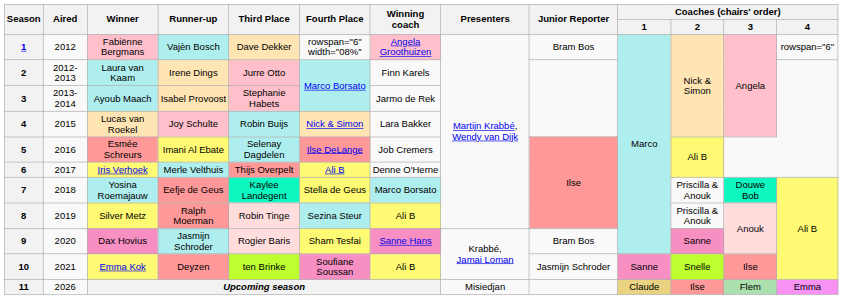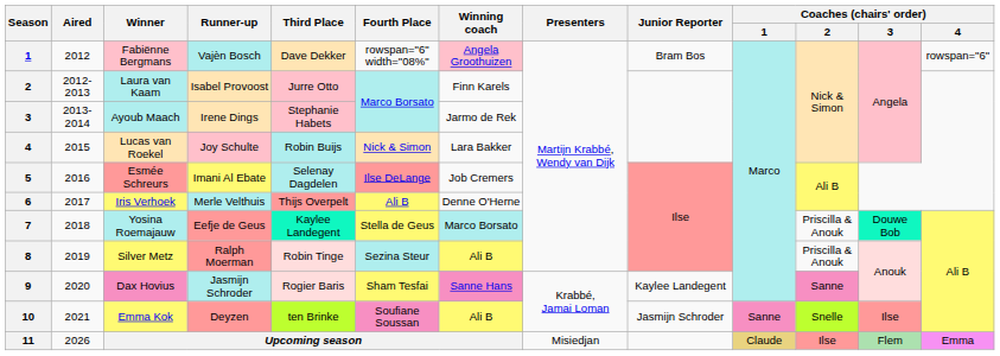 <table class="wikitable" style="text-align:center; font-size:90%; line-height:16px; width:100%">
 <tr>
 <th width="01%" rowspan="2" scope="col">Season</th>
 <th width="05%" rowspan="2" scope="col">Aired</th>
 <th width="08%" rowspan="2" scope="col">Winner</th>
 <th width="08%" rowspan="2" scope="col">Runner-up</th>
 <th width="08%" rowspan="2" scope="col">Third Place</th>
 <th width="08%" rowspan="2" scope="col">Fourth Place</th>
 <th width="08%" rowspan="2" scope="col">Winning coach</th>
 <th width="10%" rowspan="2" scope="col">Presenters</th>
 <th width="10%" rowspan="2" scope="col">Junior Reporter</th>
 <th width="30%" scope="row" colspan="4">Coaches (chairs' order)</th>
 </tr>
 <tr>
 <th width="06%">1</th>
 <th width="06%">2</th>
 <th width="06%">3</th>
 <th width="06%">4</th>
 </tr>
 <tr>
 <th><a href='#'>1</a></th>
 <td>2012</td>
 <td bgcolor="pink">Fabiënne Bergmans</td>
 <td bgcolor="#afeeee" width="08%">Vajèn Bosch</td>
 <td bgcolor="#FFE5B4" width="08%">Dave Dekker</td>
 <td>rowspan="6" width="08%" </td>
 <td bgcolor="pink"><a href='#'>Angela Groothuizen</a></td>
 <td rowspan="8" width="06%"><a href='#'>Martijn Krabbé</a>,<br><a href='#'>Wendy van Dijk</a></td>
 <td>Bram Bos</td>
 <td bgcolor="#afeeee" rowspan="9">Marco</td>
 <td bgcolor="#ffe5b4" rowspan="4">Nick & Simon</td>
 <td bgcolor="pink" rowspan="4">Angela</td>
 <td>rowspan="6" </td>
 </tr>
 <tr>
 <th>2</th>
 <td>2012-2013</td>
 <td bgcolor="#afeeee">Laura van Kaam</td>
-<td bgcolor="#FFE5B4">Irene Dings</td>
+<td bgcolor="#FFE5B4">Isabel Provoost</td>
 <td bgcolor="pink">Jurre Otto</td>
 <td bgcolor="#afeeee" rowspan="2"><a href='#'>Marco Borsato</a></td>
 <td>Finn Karels</td>
 </tr>
 <tr>
 <th>3</th>
 <td>2013-2014</td>
 <td bgcolor="#afeeee">Ayoub Maach</td>
-<td bgcolor="#FFE5B4">Isabel Provoost</td>
+<td bgcolor="#FFE5B4">Irene Dings</td>
 <td bgcolor="pink">Stephanie Habets</td>
 <td>Jarmo de Rek</td>
 </tr>
 <tr>
 <th>4</th>
 <td>2015</td>
 <td bgcolor="#FFE5B4">Lucas van Roekel</td>
 <td bgcolor="pink">Joy Schulte</td>
 <td bgcolor="#afeeee">Robin Buijs</td>
 <td bgcolor="#FFE5B4"><a href='#'>Nick & Simon</a></td>
 <td>Lara Bakker</td>
 </tr>
 <tr>
 <th>5</th>
 <td>2016</td>
 <td bgcolor="#ff9999">Esmée Schreurs</td>
 <td bgcolor="#fffa73">Imani Al Ebate</td>
 <td bgcolor="#afeeee">Selenay Dagdelen</td>
 <td bgcolor="#ff9999"><a href='#'>Ilse DeLange</a></td>
 <td>Job Cremers</td>
 <td bgcolor="#ff9999" rowspan="4">Ilse</td>
 <td bgcolor="#fffa73" rowspan="2">Ali B</td>
 </tr>
 <tr>
 <th>6</th>
 <td>2017</td>
 <td bgcolor="#fffa73"><a href='#'>Iris Verhoek</a></td>
 <td bgcolor="#afeeee">Merle Velthuis</td>
 <td bgcolor="#ff9999">Thijs Overpelt</td>
 <td rowspan="1" bgcolor="#fffa73"><a href='#'>Ali B</a></td>
 <td>Denne O'Herne</td>
 </tr>
 <tr>
 <th>7</th>
 <td>2018</td>
 <td bgcolor="#afeeee">Yosina Roemajauw</td>
 <td bgcolor="#ff9999">Eefje de Geus</td>
 <td bgcolor="#0ff7c0">Kaylee Landegent</td>
 <td bgcolor="#fffa73">Stella de Geus</td>
 <td bgcolor="#afeeee">Marco Borsato</td>
 <td>Priscilla & Anouk</td>
 <td bgcolor="#0ff7c0">Douwe Bob</td>
 <td rowspan="4" bgcolor="#fffa73">Ali B</td>
 </tr>
 <tr>
 <th>8</th>
 <td>2019</td>
 <td bgcolor="#fffa73">Silver Metz</td>
 <td bgcolor="#ff9999">Ralph Moerman</td>
 <td bgcolor="#ffdddd">Robin Tinge</td>
 <td bgcolor="#afeeee">Sezina Steur</td>
 <td bgcolor="#fffa73">Ali B</td>
 <td>Priscilla & Anouk</td>
 <td rowspan="2" bgcolor="#ffdddd">Anouk</td>
 </tr>
 <tr>
 <th>9</th>
 <td>2020</td>
 <td bgcolor="#F78FC2">Dax Hovius</td>
 <td bgcolor="#afeeee">Jasmijn Schroder</td>
 <td bgcolor="#ffdddd">Rogier Baris</td>
 <td bgcolor="#fffa73">Sham Tesfai</td>
 <td bgcolor="#F78FC2"><a href='#'>Sanne Hans</a></td>
 <td rowspan="2">Krabbé,<br><a href='#'>Jamai Loman</a></td>
-<td>Bram Bos</td>
+<td>Kaylee Landegent</td>
 <td bgcolor="#F78FC2">Sanne</td>
 </tr>
 <tr>
 <th>10</th>
 <td>2021</td>
 <td bgcolor="#fffa73"><a href='#'>Emma Kok</a></td>
 <td bgcolor="#ff9999"> Deyzen</td>
 <td bgcolor="#bdff2f"> ten Brinke</td>
 <td bgcolor="#F78FC2">Soufiane Soussan</td>
 <td bgcolor="#fffa73">Ali B</td>
 <td>Jasmijn Schroder</td>
 <td bgcolor="#F78FC2">Sanne</td>
 <td bgcolor="#bdff2f">Snelle</td>
 <td bgcolor="#ff9999">Ilse</td>
 </tr>
 <tr>
 <th>11</th>
 <td>2026</td>
 <th colspan="5"><em>Upcoming season</em></th>
 <td> Misiedjan</td>
 <td></td>
 <td bgcolor="E9D380">Claude</td>
 <td bgcolor="#ff9999">Ilse</td>
 <td bgcolor="#ace1af">Flem</td>
 <td bgcolor="#f791f3">Emma</td>
 </tr>
 </table>
